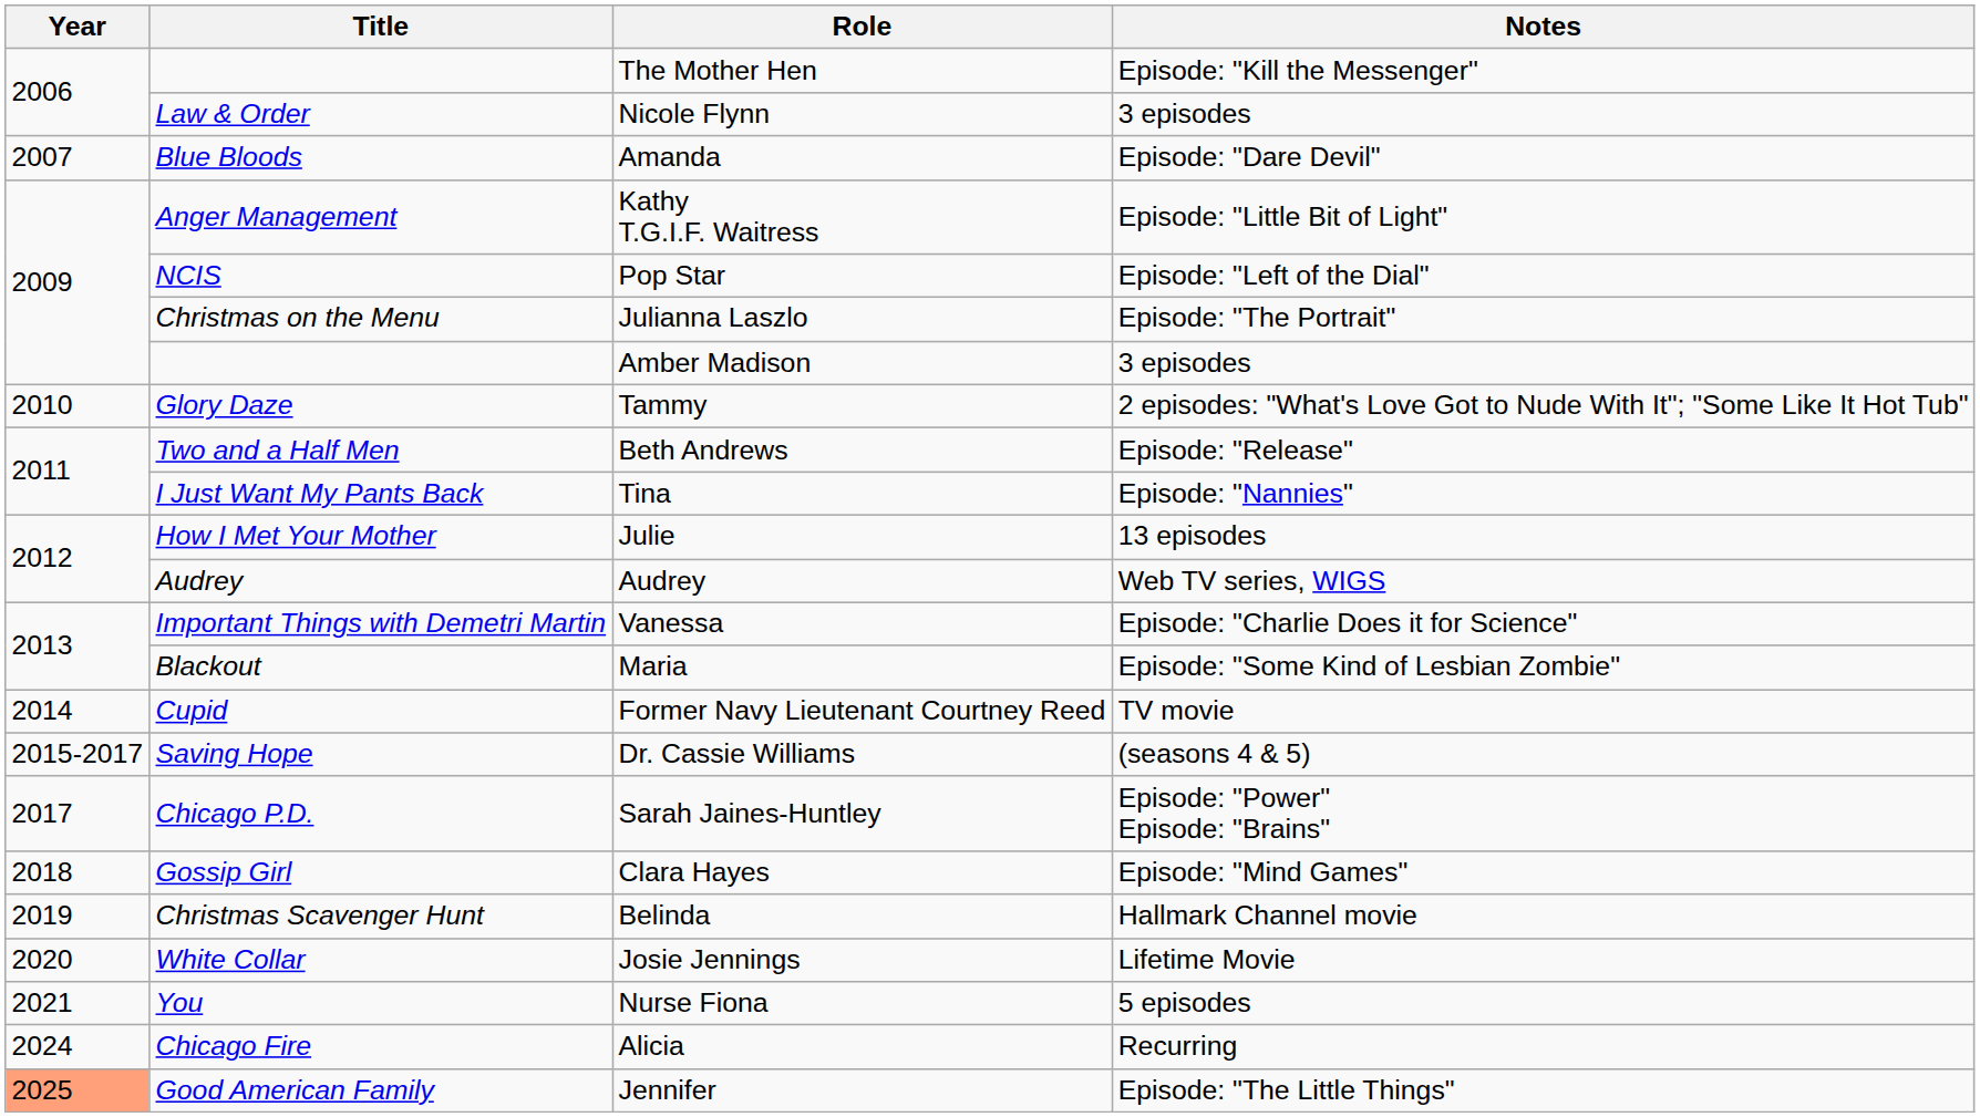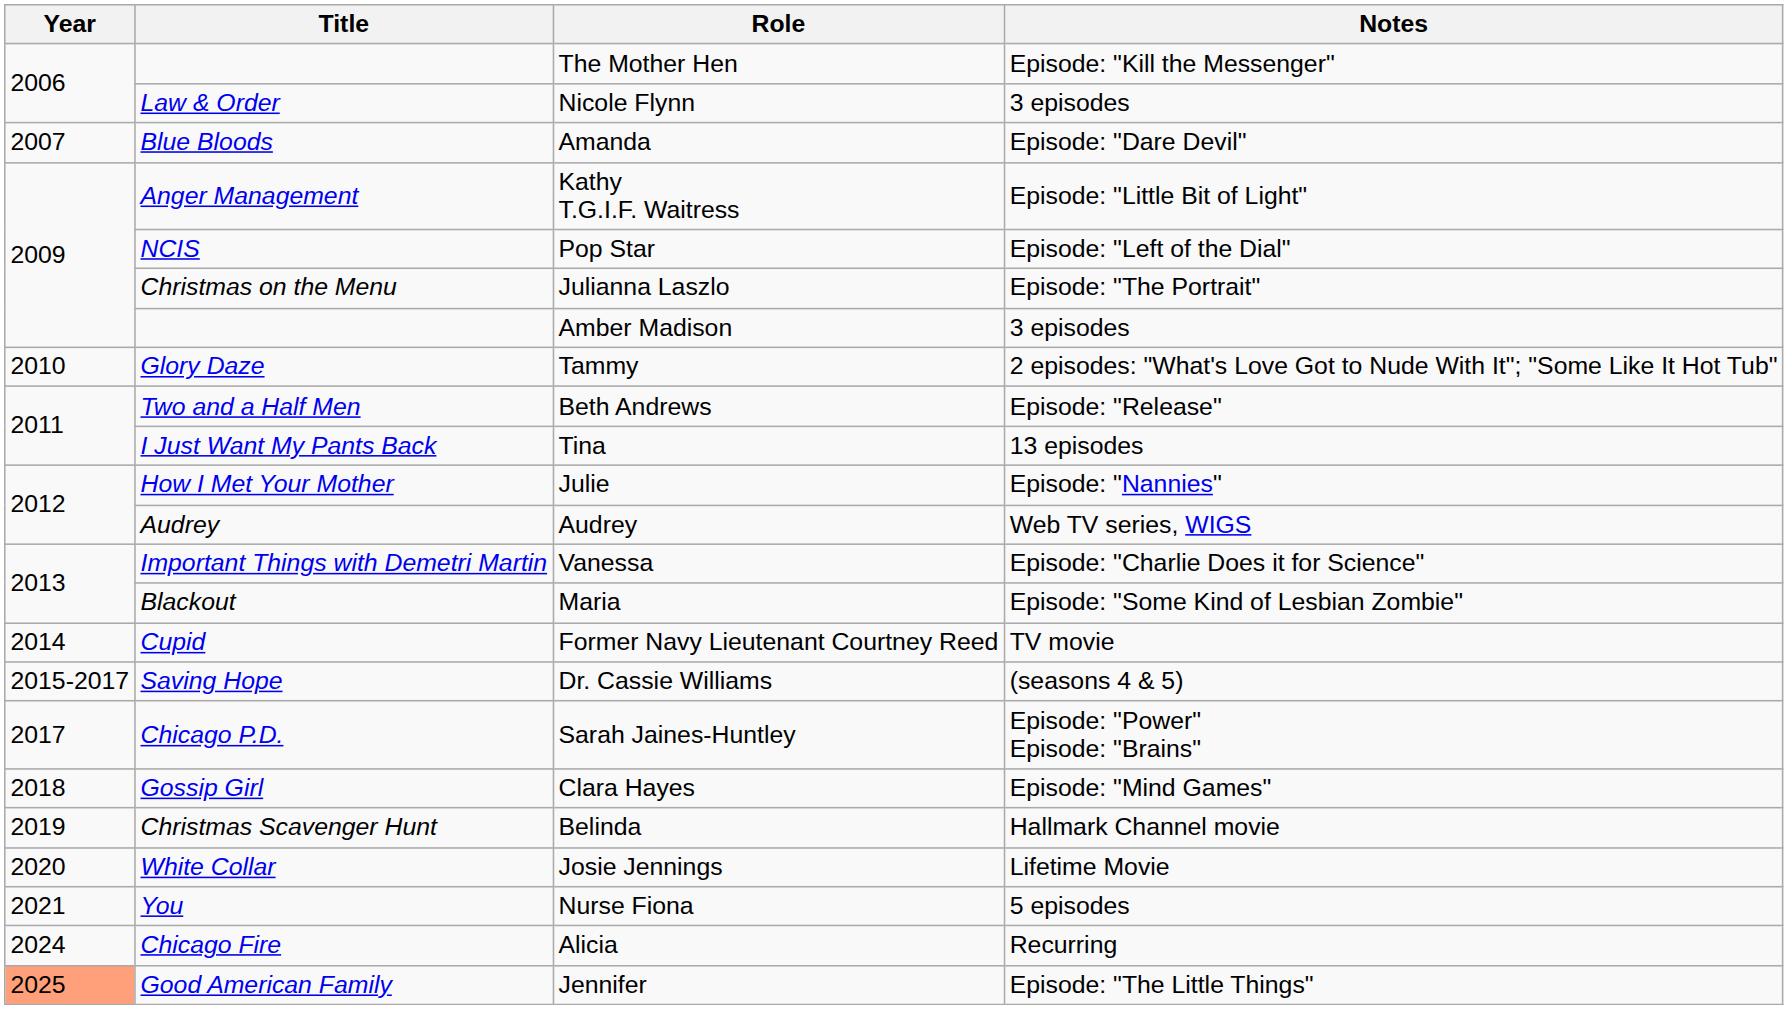 <table class="wikitable sortable">
 <tr>
 <th>Year</th>
 <th>Title</th>
 <th>Role</th>
 <th class="unsortable">Notes</th>
 </tr>
 <tr>
 <td rowspan=2>2006</td>
 <td><em></em></td>
 <td>The Mother Hen</td>
 <td>Episode: "Kill the Messenger"</td>
 </tr>
 <tr>
 <td><em><a href='#'>Law & Order</a></em></td>
 <td>Nicole Flynn</td>
 <td>3 episodes</td>
 </tr>
 <tr>
 <td>2007</td>
 <td><em><a href='#'>Blue Bloods</a></em></td>
 <td>Amanda</td>
 <td>Episode: "Dare Devil"</td>
 </tr>
 <tr>
 <td rowspan=4>2009</td>
 <td><em><a href='#'>Anger Management</a></em></td>
 <td>Kathy<br>T.G.I.F. Waitress</td>
 <td>Episode: "Little Bit of Light"</td>
 </tr>
 <tr>
 <td><em><a href='#'>NCIS</a></em></td>
 <td>Pop Star</td>
 <td>Episode: "Left of the Dial"</td>
 </tr>
 <tr>
 <td><em>Christmas on the Menu</em></td>
 <td>Julianna Laszlo</td>
 <td>Episode: "The Portrait"</td>
 </tr>
 <tr>
 <td><em></em></td>
 <td>Amber Madison</td>
 <td>3 episodes</td>
 </tr>
 <tr>
 <td>2010</td>
 <td><em><a href='#'>Glory Daze</a></em></td>
 <td>Tammy</td>
 <td>2 episodes: "What's Love Got to Nude With It"; "Some Like It Hot Tub"</td>
 </tr>
 <tr>
 <td rowspan=2>2011</td>
 <td><em><a href='#'>Two and a Half Men</a></em></td>
 <td>Beth Andrews</td>
 <td>Episode: "Release"</td>
 </tr>
 <tr>
 <td><em><a href='#'>I Just Want My Pants Back</a></em></td>
 <td>Tina</td>
-<td>Episode: "<a href='#'>Nannies</a>"</td>
+<td>13 episodes</td>
 </tr>
 <tr>
 <td rowspan=2>2012</td>
 <td><em><a href='#'>How I Met Your Mother</a></em></td>
 <td>Julie</td>
-<td>13 episodes</td>
+<td>Episode: "<a href='#'>Nannies</a>"</td>
 </tr>
 <tr>
 <td><em>Audrey</em></td>
 <td>Audrey</td>
 <td>Web TV series, <a href='#'>WIGS</a></td>
 </tr>
 <tr>
 <td rowspan=2>2013</td>
 <td><em><a href='#'>Important Things with Demetri Martin</a></em></td>
 <td>Vanessa</td>
 <td>Episode: "Charlie Does it for Science"</td>
 </tr>
 <tr>
 <td><em>Blackout</em></td>
 <td>Maria</td>
 <td>Episode: "Some Kind of Lesbian Zombie"</td>
 </tr>
 <tr>
 <td>2014</td>
 <td><em><a href='#'>Cupid</a></em></td>
 <td>Former Navy Lieutenant Courtney Reed</td>
 <td>TV movie</td>
 </tr>
 <tr>
 <td>2015-2017</td>
 <td><em><a href='#'>Saving Hope</a></em></td>
 <td>Dr. Cassie Williams</td>
 <td>(seasons 4 & 5)</td>
 </tr>
 <tr>
 <td>2017</td>
 <td><em><a href='#'>Chicago P.D.</a></em></td>
 <td>Sarah Jaines-Huntley</td>
 <td>Episode: "Power"<br>Episode: "Brains"</td>
 </tr>
 <tr>
 <td>2018</td>
 <td><em><a href='#'>Gossip Girl</a></em></td>
 <td>Clara Hayes</td>
 <td>Episode: "Mind Games"</td>
 </tr>
 <tr>
 <td>2019</td>
 <td><em>Christmas Scavenger Hunt</em></td>
 <td>Belinda</td>
 <td>Hallmark Channel movie</td>
 </tr>
 <tr>
 <td>2020</td>
 <td><em><a href='#'>White Collar</a></em></td>
 <td>Josie Jennings</td>
 <td>Lifetime Movie</td>
 </tr>
 <tr>
 <td>2021</td>
 <td><em><a href='#'>You</a></em></td>
 <td>Nurse Fiona</td>
 <td>5 episodes</td>
 </tr>
 <tr>
 <td>2024</td>
 <td><em><a href='#'>Chicago Fire</a></em></td>
 <td>Alicia</td>
 <td>Recurring</td>
 </tr>
 <tr>
 <td style="background: lightsalmon;">2025</td>
 <td><em><a href='#'>Good American Family</a></em></td>
 <td>Jennifer</td>
 <td>Episode: "The Little Things"</td>
 </tr>
 </table>
